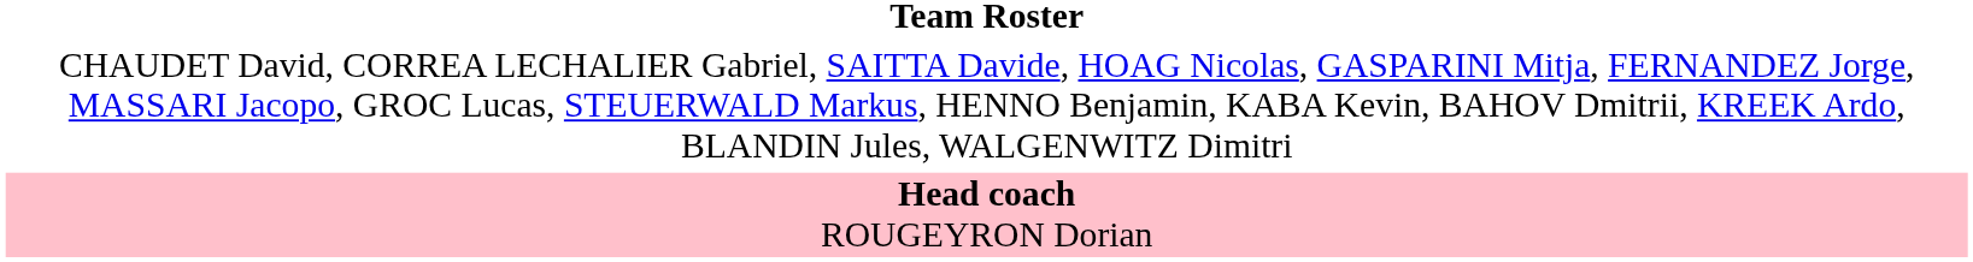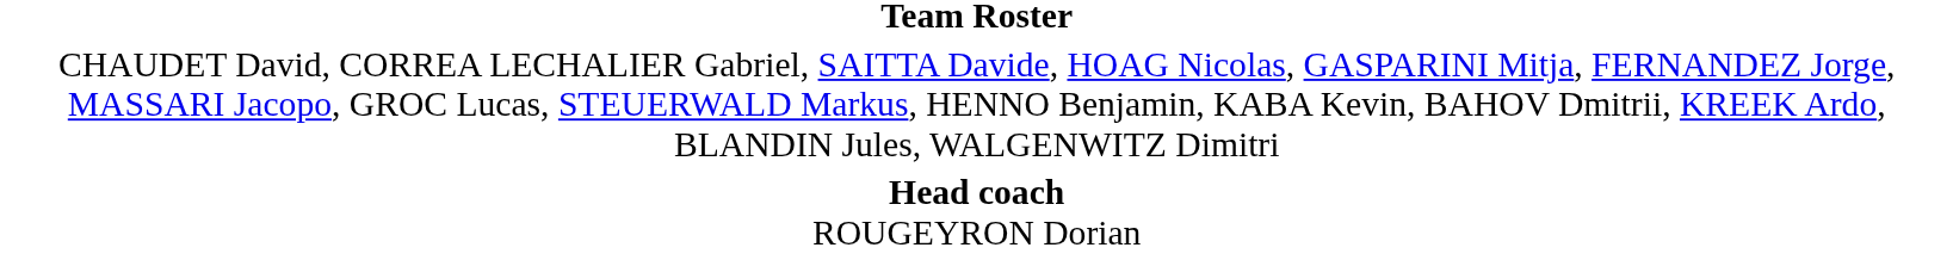 <table style="text-align: center; margin-top: 2em; margin-left: auto; margin-right: auto">
 <tr>
 <td><strong>Team Roster</strong></td>
 </tr>
 <tr>
 <td>CHAUDET David, CORREA LECHALIER Gabriel, <a href='#'>SAITTA Davide</a>, <a href='#'>HOAG Nicolas</a>, <a href='#'>GASPARINI Mitja</a>, <a href='#'>FERNANDEZ Jorge</a>, <a href='#'>MASSARI Jacopo</a>, GROC Lucas, <a href='#'>STEUERWALD Markus</a>, HENNO Benjamin, KABA Kevin, BAHOV Dmitrii, <a href='#'>KREEK Ardo</a>, BLANDIN Jules, WALGENWITZ Dimitri</td>
 </tr>
 <tr>
-<td style="background: pink;"><strong>Head coach</strong> <br>ROUGEYRON Dorian</td>
+<td><strong>Head coach</strong> <br>ROUGEYRON Dorian</td>
 </tr>
 </table>
